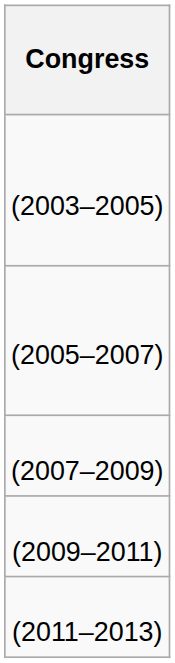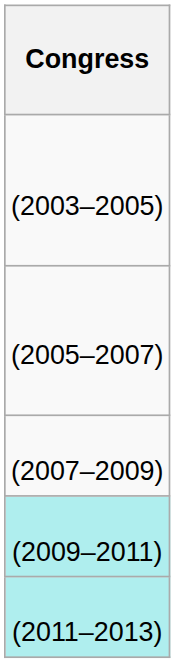 <table class="wikitable" style="float:left; margin:0; margin-right:-0.5px; margin-top:14px; text-align:center;">
 <tr style="white-space:nowrap; height:4.08em;">
 <th>Congress</th>
 </tr>
 <tr style="white-space:nowrap; height:5.6em;">
 <td><strong></strong><br>(2003–2005)</td>
 </tr>
 <tr style="white-space:nowrap; height:5.6em">
 <td><strong></strong><br>(2005–2007)</td>
 </tr>
 <tr style="white-space:nowrap; height:3em">
 <td><strong></strong><br>(2007–2009)</td>
 </tr>
 <tr style="white-space:nowrap; height:3em">
-<td><strong></strong><br>(2009–2011)</td>
+<td style="background: paleturquoise;"><strong></strong><br>(2009–2011)</td>
 </tr>
 <tr style="white-space:nowrap; height:3em">
-<td><strong></strong><br>(2011–2013)</td>
+<td style="background: paleturquoise;"><strong></strong><br>(2011–2013)</td>
 </tr>
 </table>
